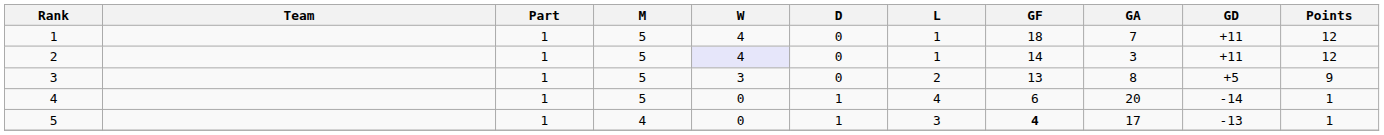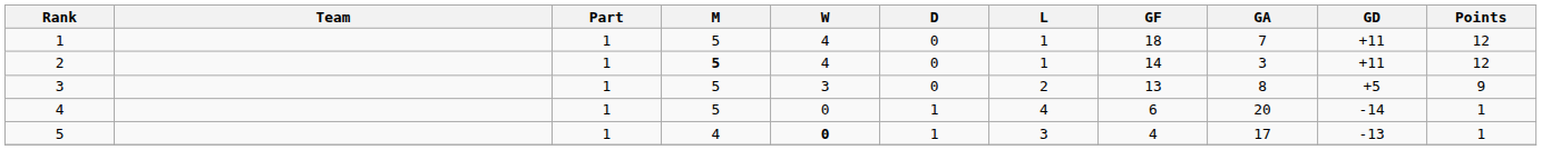 <table class="wikitable sortable" width=70% style="text-align:center">
 <tr>
 <th width=5%>Rank</th>
 <th width=20%>Team</th>
 <th width=5%>Part</th>
 <th width=5%>M</th>
 <th width=5%>W</th>
 <th width=5%>D</th>
 <th width=5%>L</th>
 <th width=5%>GF</th>
 <th width=5%>GA</th>
 <th width=5%>GD</th>
 <th width=5%>Points</th>
 </tr>
 <tr>
 <td>1</td>
 <td align=left></td>
 <td>1</td>
 <td>5</td>
 <td>4</td>
 <td>0</td>
 <td>1</td>
 <td>18</td>
 <td>7</td>
 <td>+11</td>
 <td>12</td>
 </tr>
 <tr>
 <td>2</td>
 <td align=left></td>
 <td>1</td>
-<td>5</td>
-<td style="background: lavender;">4</td>
+<td><strong>5</strong></td>
+<td>4</td>
 <td>0</td>
 <td>1</td>
 <td>14</td>
 <td>3</td>
 <td>+11</td>
 <td>12</td>
 </tr>
 <tr>
 <td>3</td>
 <td align=left></td>
 <td>1</td>
 <td>5</td>
 <td>3</td>
 <td>0</td>
 <td>2</td>
 <td>13</td>
 <td>8</td>
 <td>+5</td>
 <td>9</td>
 </tr>
 <tr>
 <td>4</td>
 <td align=left></td>
 <td>1</td>
 <td>5</td>
 <td>0</td>
 <td>1</td>
 <td>4</td>
 <td>6</td>
 <td>20</td>
 <td>-14</td>
 <td>1</td>
 </tr>
 <tr>
 <td>5</td>
 <td align=left></td>
 <td>1</td>
 <td>4</td>
-<td>0</td>
+<td><strong>0</strong></td>
 <td>1</td>
 <td>3</td>
-<td><strong>4</strong></td>
+<td>4</td>
 <td>17</td>
 <td>-13</td>
 <td>1</td>
 </tr>
 <tr>
 </tr>
 </table>
